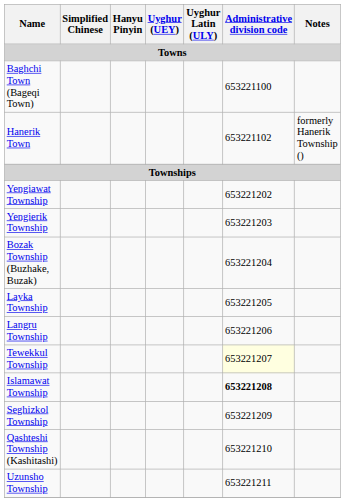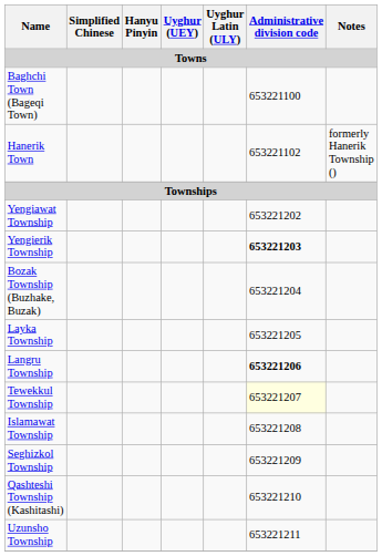 <table class="wikitable" align="center" style="width:50%; border="1">
 <tr>
 <th>Name</th>
 <th>Simplified Chinese</th>
 <th>Hanyu Pinyin</th>
 <th><a href='#'>Uyghur</a> (<a href='#'>UEY</a>)</th>
 <th>Uyghur Latin (<a href='#'>ULY</a>)</th>
 <th><a href='#'>Administrative division code</a></th>
 <th>Notes</th>
 </tr>
 <tr>
 <td colspan="8"  style="text-align:center; background:#d3d3d3;"><strong>Towns</strong></td>
 </tr>
 <tr --------->
 <td><a href='#'>Baghchi Town</a><br>(Bageqi Town)</td>
 <td></td>
 <td></td>
 <td></td>
 <td></td>
 <td>653221100</td>
 <td></td>
 </tr>
 <tr>
 <td><a href='#'>Hanerik Town</a></td>
 <td></td>
 <td></td>
 <td></td>
 <td></td>
 <td>653221102</td>
 <td>formerly Hanerik Township ()</td>
 </tr>
 <tr>
 <td colspan="8"  style="text-align:center; background:#d3d3d3;"><strong>Townships</strong></td>
 </tr>
 <tr --------->
 <td><a href='#'>Yengiawat Township</a></td>
 <td></td>
 <td></td>
 <td></td>
 <td></td>
 <td>653221202</td>
 <td></td>
 </tr>
 <tr>
 <td><a href='#'>Yengierik Township</a></td>
 <td></td>
 <td></td>
 <td></td>
 <td></td>
-<td>653221203</td>
+<td><strong>653221203</strong></td>
 <td></td>
 </tr>
 <tr>
 <td><a href='#'>Bozak Township</a><br>(Buzhake, Buzak)</td>
 <td></td>
 <td></td>
 <td></td>
 <td></td>
 <td>653221204</td>
 <td></td>
 </tr>
 <tr>
 <td><a href='#'>Layka Township</a></td>
 <td></td>
 <td></td>
 <td></td>
 <td></td>
 <td>653221205</td>
 <td></td>
 </tr>
 <tr>
 <td><a href='#'>Langru Township</a></td>
 <td></td>
 <td></td>
 <td></td>
 <td></td>
-<td>653221206</td>
+<td><strong>653221206</strong></td>
 <td></td>
 </tr>
 <tr>
 <td><a href='#'>Tewekkul Township</a></td>
 <td></td>
 <td></td>
 <td></td>
 <td></td>
 <td style="background: lightyellow;">653221207</td>
 <td></td>
 </tr>
 <tr>
 <td><a href='#'>Islamawat Township</a></td>
 <td></td>
 <td></td>
 <td></td>
 <td></td>
-<td><strong>653221208</strong></td>
+<td>653221208</td>
 <td></td>
 </tr>
 <tr>
 <td><a href='#'>Seghizkol Township</a></td>
 <td></td>
 <td></td>
 <td></td>
 <td></td>
 <td>653221209</td>
 <td></td>
 </tr>
 <tr>
 <td><a href='#'>Qashteshi Township</a> (Kashitashi)</td>
 <td></td>
 <td></td>
 <td></td>
 <td></td>
 <td>653221210</td>
 <td></td>
 </tr>
 <tr>
 <td><a href='#'>Uzunsho Township</a></td>
 <td></td>
 <td></td>
 <td></td>
 <td></td>
 <td>653221211</td>
 <td></td>
 </tr>
 <tr>
 </tr>
 </table>
